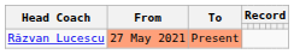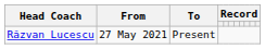 <table class="wikitable" style="text-align: left">
 <tr>
 <th rowspan=2>Head Coach</th>
 <th rowspan=2>From</th>
 <th rowspan=2>To</th>
 <th colspan=8>Record</th>
 </tr>
 <tr>
 <th></th>
 <th></th>
 <th></th>
 <th></th>
 <th></th>
 <th></th>
 <th></th>
 <th></th>
 </tr>
 <tr>
 <td> <a href='#'>Răzvan Lucescu</a></td>
-<td style="background: lightsalmon;">27 May 2021</td>
-<td style="background: lightsalmon;">Present<br></td>
+<td>27 May 2021</td>
+<td>Present<br></td>
 </tr>
 </table>
